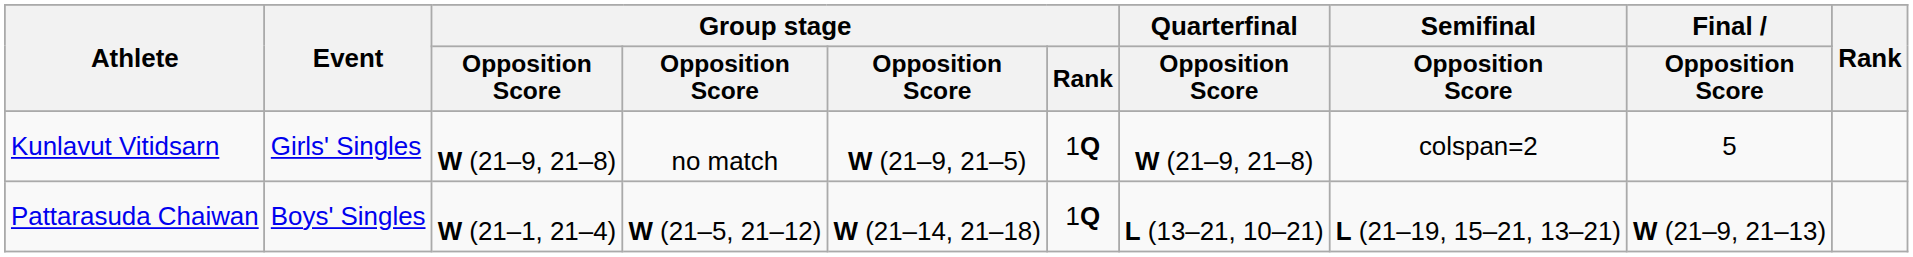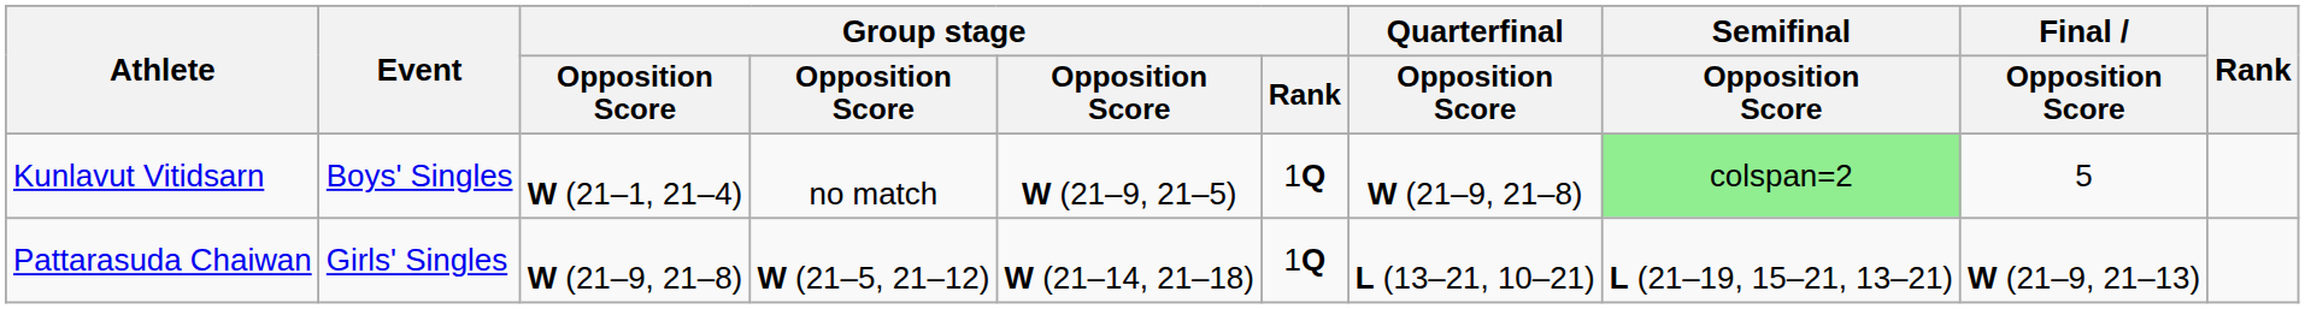 <table class="wikitable" style="font-size:90%">
 <tr>
 <th rowspan=2>Athlete</th>
 <th rowspan=2>Event</th>
 <th colspan=4>Group stage</th>
 <th>Quarterfinal</th>
 <th>Semifinal</th>
 <th>Final / </th>
 <th rowspan=2>Rank</th>
 </tr>
 <tr style="font-size:95%">
 <th>Opposition<br>Score</th>
 <th>Opposition<br>Score</th>
 <th>Opposition<br>Score</th>
 <th>Rank</th>
 <th>Opposition<br>Score</th>
 <th>Opposition<br>Score</th>
 <th>Opposition<br>Score</th>
 </tr>
 <tr align=center>
 <td align=left><a href='#'>Kunlavut Vitidsarn</a></td>
-<td align=left><a href='#'>Girls' Singles</a></td>
-<td><br><strong>W</strong> (21–9, 21–8)</td>
+<td align=left><a href='#'>Boys' Singles</a></td>
+<td><br><strong>W</strong> (21–1, 21–4)</td>
 <td><br> no match</td>
 <td><br><strong>W</strong> (21–9, 21–5)</td>
 <td>1<strong>Q</strong></td>
 <td><br><strong>W</strong> (21–9, 21–8)</td>
-<td>colspan=2 </td>
+<td style="background: lightgreen;">colspan=2 </td>
 <td>5</td>
 </tr>
 <tr align=center>
 <td align=left><a href='#'>Pattarasuda Chaiwan</a></td>
-<td align=left><a href='#'>Boys' Singles</a></td>
-<td><br><strong>W</strong> (21–1, 21–4)</td>
+<td align=left><a href='#'>Girls' Singles</a></td>
+<td><br><strong>W</strong> (21–9, 21–8)</td>
 <td><br><strong>W</strong> (21–5, 21–12)</td>
 <td><br><strong>W</strong> (21–14, 21–18)</td>
 <td>1<strong>Q</strong></td>
 <td><br><strong>L</strong> (13–21, 10–21)</td>
 <td><br><strong>L</strong> (21–19, 15–21, 13–21)</td>
 <td><br><strong>W</strong> (21–9, 21–13)</td>
 <td></td>
 </tr>
 </table>
